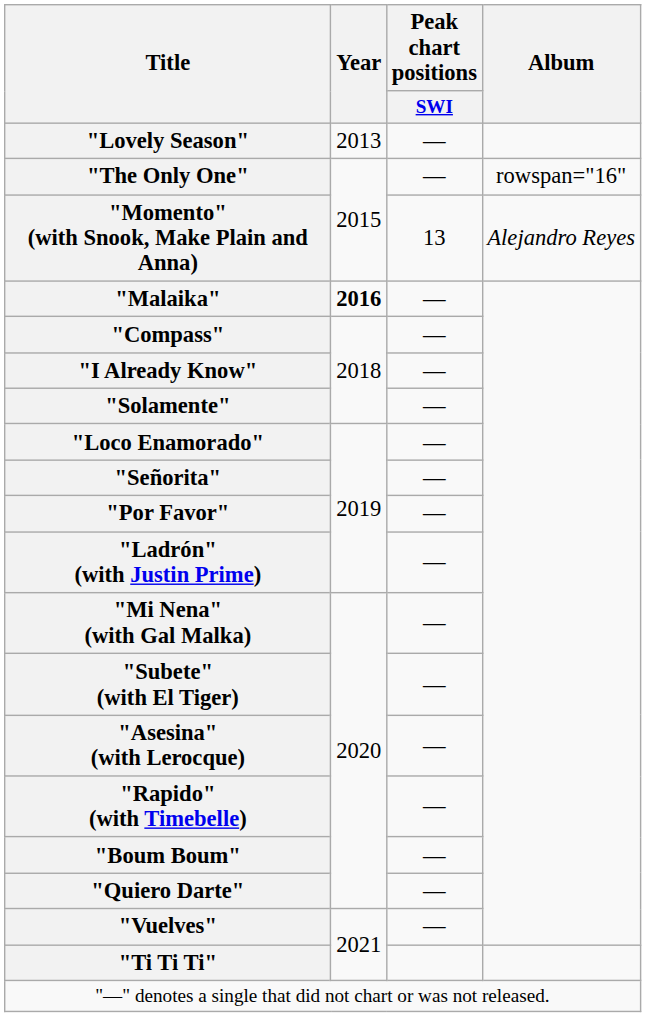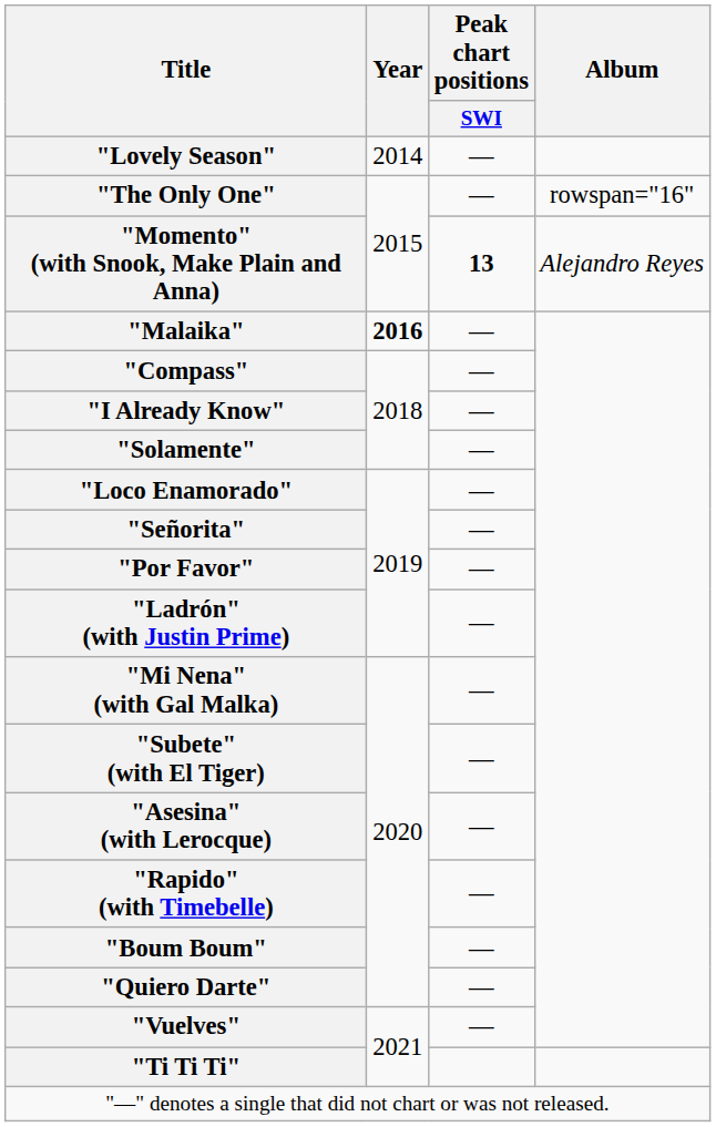 <table class="wikitable plainrowheaders" style="text-align:center;">
 <tr>
 <th scope="col" rowspan="2" style="width:14em;">Title</th>
 <th scope="col" rowspan="2" style="width:1em;">Year</th>
 <th scope="col" colspan="1">Peak chart positions</th>
 <th scope="col" rowspan="2">Album</th>
 </tr>
 <tr>
 <th scope="col" style="width:3em;font-size:85%;"><a href='#'>SWI</a><br></th>
 </tr>
 <tr>
 <th scope="row">"Lovely Season"</th>
-<td>2013</td>
+<td>2014</td>
 <td>—</td>
 <td></td>
 </tr>
 <tr>
 <th scope="row">"The Only One"</th>
 <td rowspan="2">2015</td>
 <td>—</td>
 <td>rowspan="16" </td>
 </tr>
 <tr>
 <th scope="row">"Momento"<br><span>(with Snook, Make Plain and Anna)</span></th>
-<td>13</td>
+<td><strong>13</strong></td>
 <td><em>Alejandro Reyes</em></td>
 </tr>
 <tr>
 <th scope="row">"Malaika"</th>
 <td><strong>2016</strong></td>
 <td>—</td>
 </tr>
 <tr>
 <th scope="row">"Compass"</th>
 <td rowspan="3">2018</td>
 <td>—</td>
 </tr>
 <tr>
 <th scope="row">"I Already Know"</th>
 <td>—</td>
 </tr>
 <tr>
 <th scope="row">"Solamente"</th>
 <td>—</td>
 </tr>
 <tr>
 <th scope="row">"Loco Enamorado"</th>
 <td rowspan="4">2019</td>
 <td>—</td>
 </tr>
 <tr>
 <th scope="row">"Señorita"</th>
 <td>—</td>
 </tr>
 <tr>
 <th scope="row">"Por Favor"</th>
 <td>—</td>
 </tr>
 <tr>
 <th scope="row">"Ladrón"<br><span>(with <a href='#'>Justin Prime</a>)</span></th>
 <td>—</td>
 </tr>
 <tr>
 <th scope="row">"Mi Nena"<br><span>(with Gal Malka)</span></th>
 <td rowspan="6">2020</td>
 <td>—</td>
 </tr>
 <tr>
 <th scope="row">"Subete"<br><span>(with El Tiger)</span></th>
 <td>—</td>
 </tr>
 <tr>
 <th scope="row">"Asesina"<br><span>(with Lerocque)</span></th>
 <td>—</td>
 </tr>
 <tr>
 <th scope="row">"Rapido"<br><span>(with <a href='#'>Timebelle</a>)</span></th>
 <td>—</td>
 </tr>
 <tr>
 <th scope="row">"Boum Boum"</th>
 <td>—</td>
 </tr>
 <tr>
 <th scope="row">"Quiero Darte"</th>
 <td>—</td>
 </tr>
 <tr>
 <th scope="row">"Vuelves"</th>
 <td rowspan="2">2021</td>
 <td>—</td>
 </tr>
 <tr>
 <th>"Ti Ti Ti"</th>
 <td></td>
 <td></td>
 </tr>
 <tr>
 <td colspan="18" style="text-align:center; font-size:85%;">"—" denotes a single that did not chart or was not released.</td>
 </tr>
 </table>
